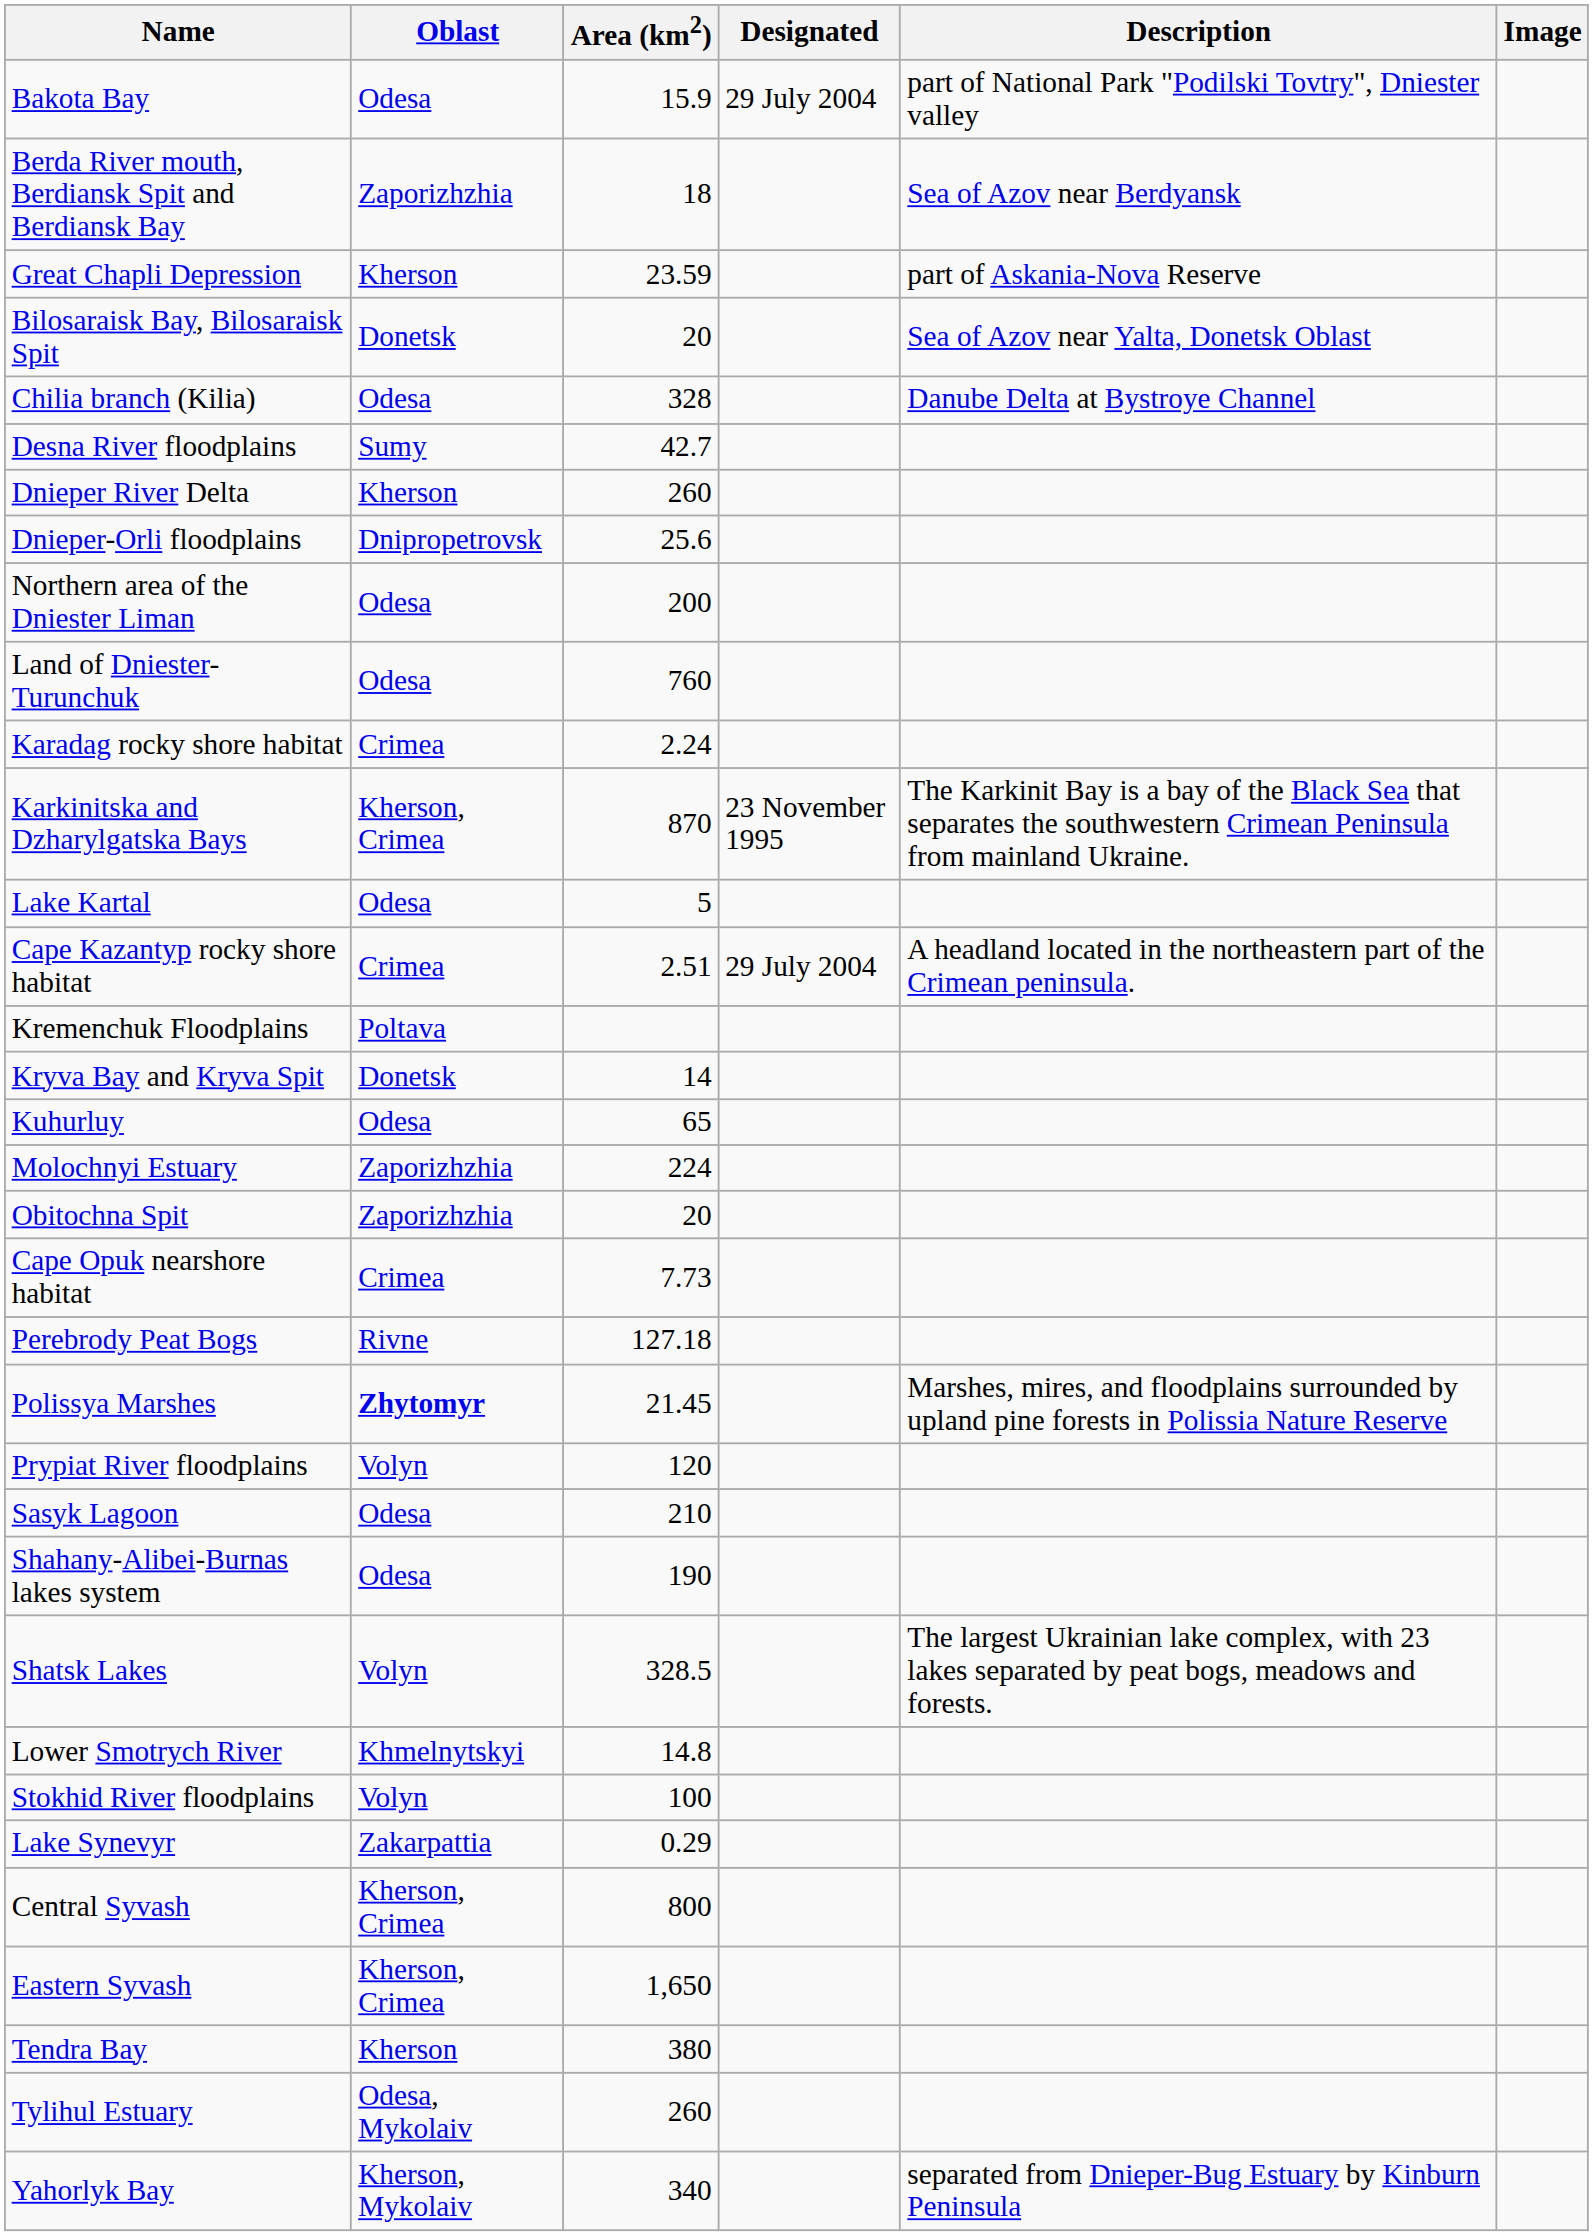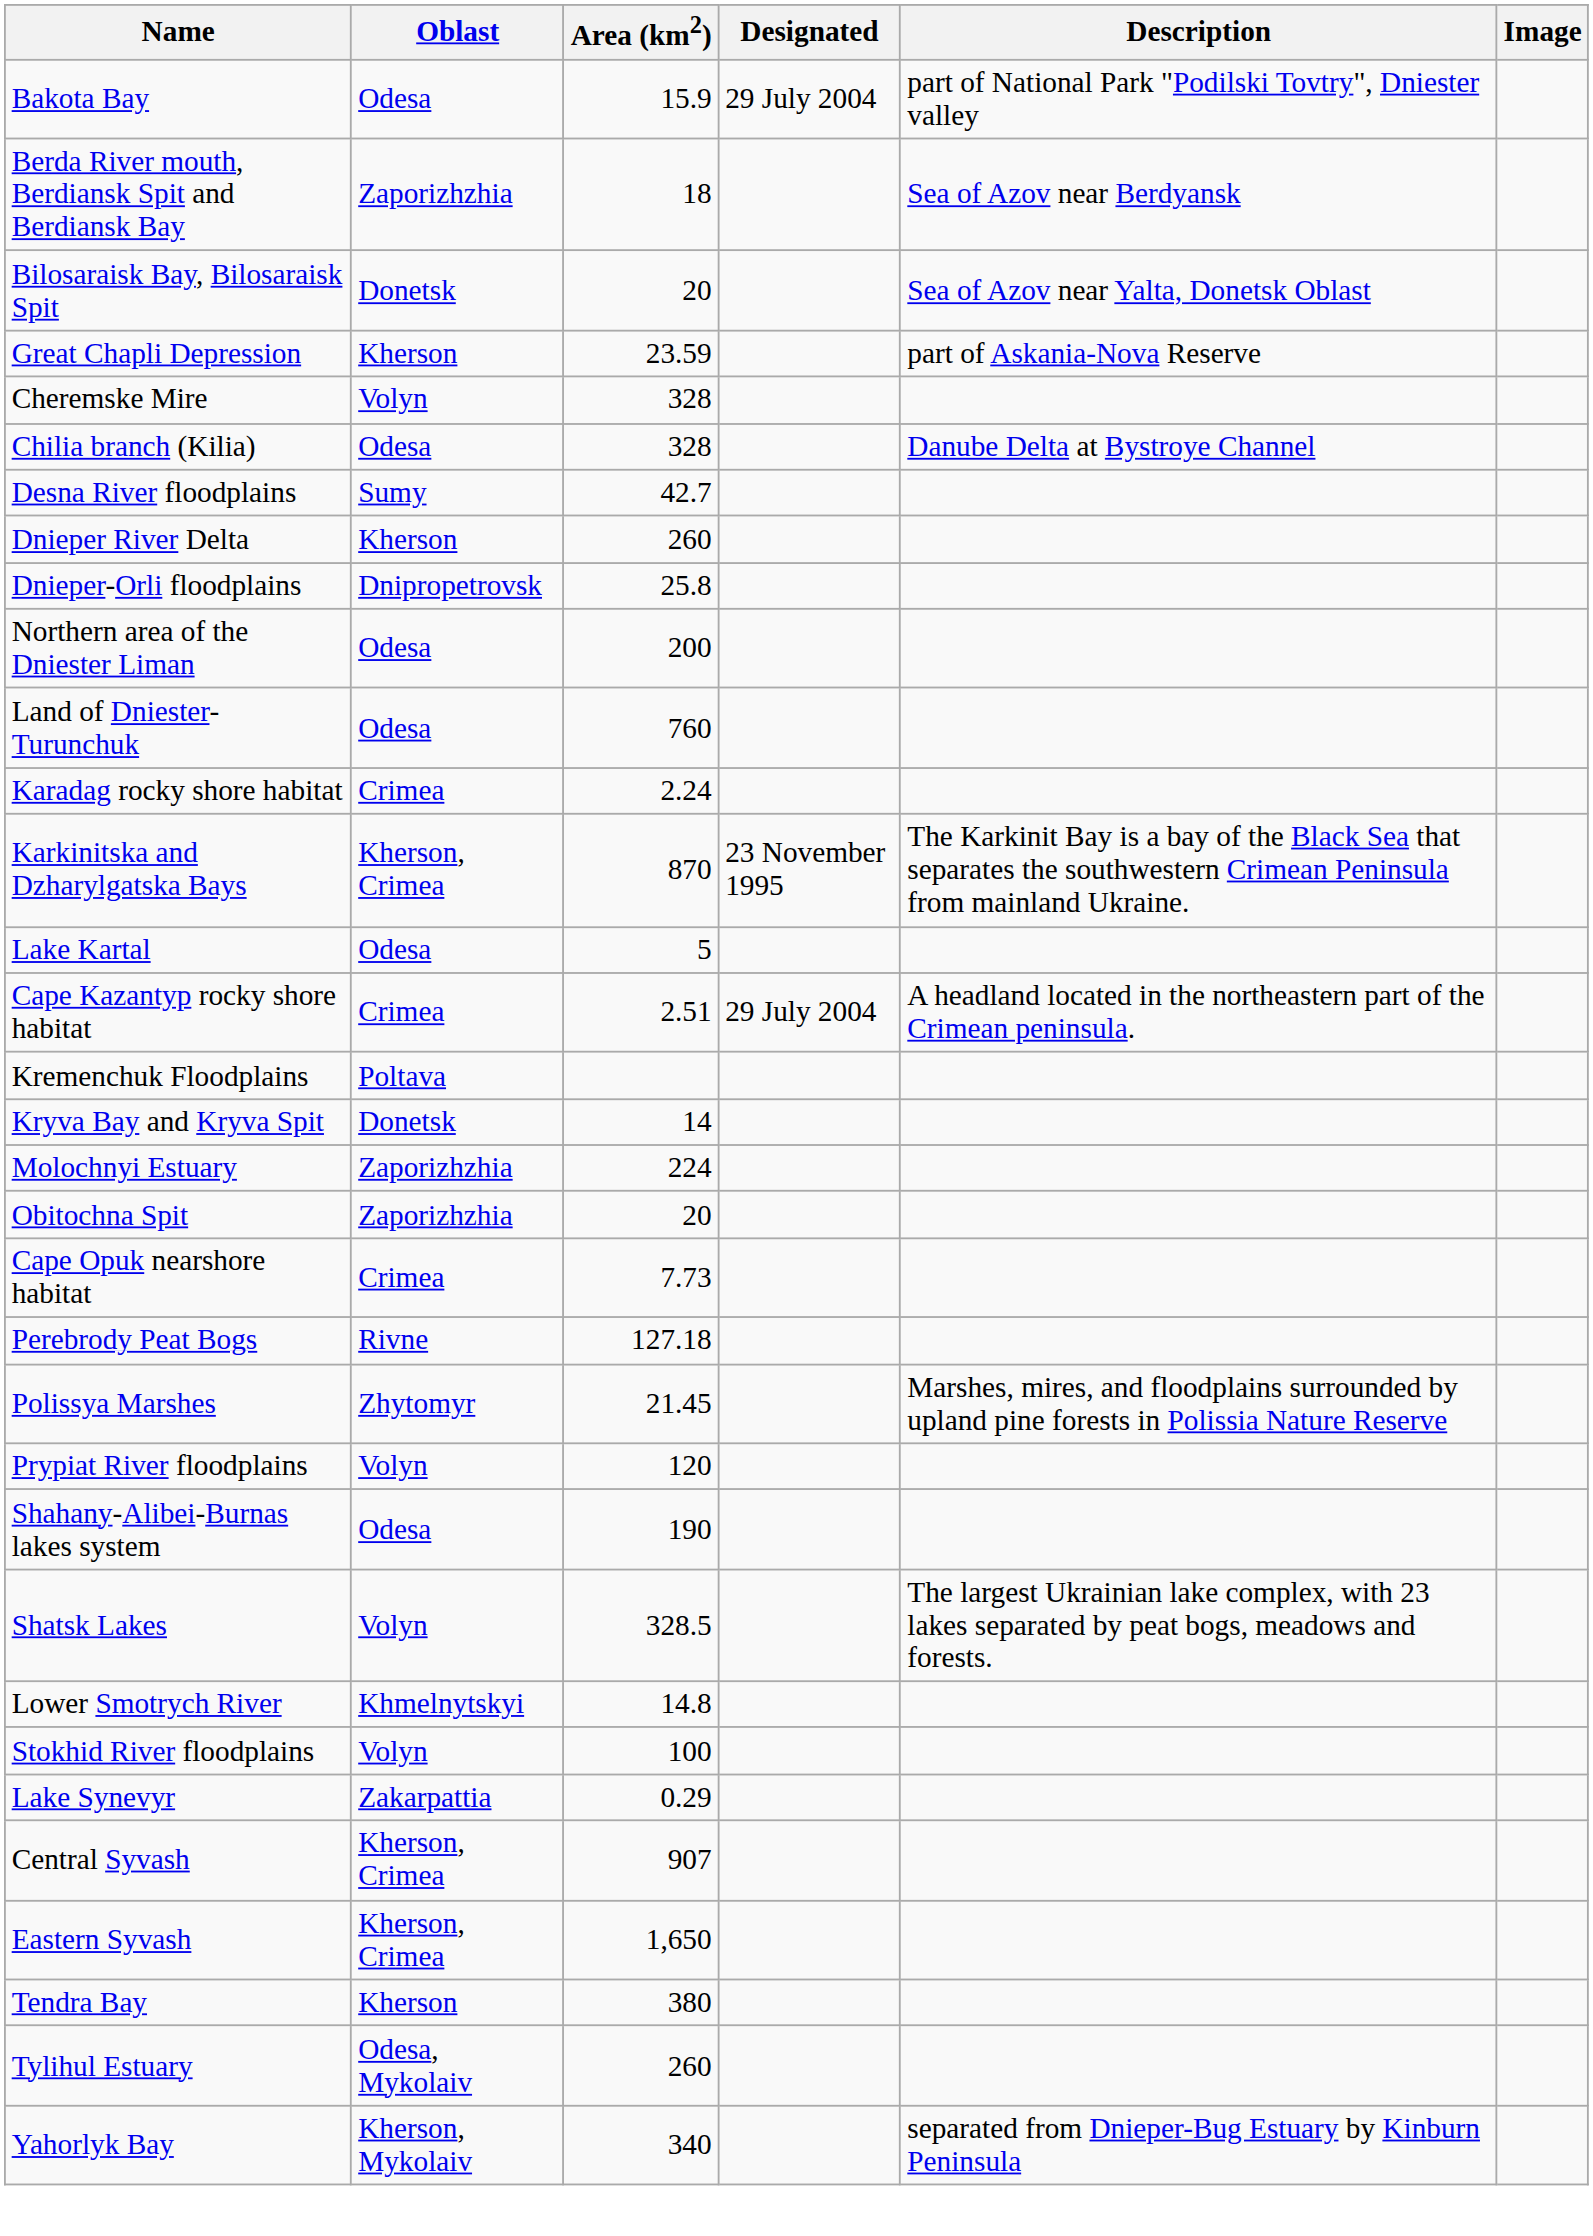 <table class="wikitable sortable" width="98%">
 <tr>
 <th style="background-color:">Name</th>
 <th style="background-color:"><a href='#'>Oblast</a></th>
 <th style="background-color:">Area (km<sup>2</sup>)</th>
 <th style="background-color:">Designated</th>
 <th style="background-color:">Description</th>
 <th style="background-color:">Image</th>
 </tr>
 <tr ---->
 <td><a href='#'>Bakota Bay</a></td>
 <td><a href='#'>Odesa</a></td>
 <td align=right>15.9</td>
 <td>29 July 2004</td>
 <td>part of National Park "<a href='#'>Podilski Tovtry</a>", <a href='#'>Dniester</a> valley</td>
 <td></td>
 </tr>
 <tr ---->
 <td><a href='#'>Berda River mouth</a>, <a href='#'>Berdiansk Spit</a> and <a href='#'>Berdiansk Bay</a></td>
 <td><a href='#'>Zaporizhzhia</a><br><small></small></td>
 <td align=right>18</td>
 <td></td>
 <td><a href='#'>Sea of Azov</a> near <a href='#'>Berdyansk</a></td>
 <td></td>
 </tr>
 <tr ---->
+<td><a href='#'>Bilosaraisk Bay</a>, <a href='#'>Bilosaraisk Spit</a></td>
+<td><a href='#'>Donetsk</a><br><small></small></td>
+<td align=right>20</td>
+<td></td>
+<td><a href='#'>Sea of Azov</a> near <a href='#'>Yalta, Donetsk Oblast</a></td>
+<td></td>
+</tr>
+<tr ---->
 <td><a href='#'>Great Chapli Depression</a></td>
 <td><a href='#'>Kherson</a><br><small></small></td>
 <td align=right>23.59</td>
 <td></td>
 <td>part of <a href='#'>Askania-Nova</a> Reserve</td>
 <td></td>
 </tr>
 <tr ---->
-<td><a href='#'>Bilosaraisk Bay</a>, <a href='#'>Bilosaraisk Spit</a></td>
-<td><a href='#'>Donetsk</a><br><small></small></td>
-<td align=right>20</td>
+<td>Cheremske Mire</td>
+<td><a href='#'>Volyn</a></td>
+<td align=right>328</td>
 <td></td>
-<td><a href='#'>Sea of Azov</a> near <a href='#'>Yalta, Donetsk Oblast</a></td>
+<td></td>
 <td></td>
 </tr>
 <tr ---->
 <td><a href='#'>Chilia branch</a> (Kilia)</td>
 <td><a href='#'>Odesa</a></td>
 <td align=right>328</td>
 <td></td>
 <td><a href='#'>Danube Delta</a> at <a href='#'>Bystroye Channel</a></td>
 <td></td>
 </tr>
 <tr ---->
 <td><a href='#'>Desna River</a> floodplains</td>
 <td><a href='#'>Sumy</a><br><small></small></td>
 <td align=right>42.7</td>
 <td></td>
 <td></td>
 <td></td>
 </tr>
 <tr ---->
 <td><a href='#'>Dnieper River</a> Delta</td>
 <td><a href='#'>Kherson</a></td>
 <td align=right>260</td>
 <td></td>
 <td></td>
 <td></td>
 </tr>
 <tr ---->
 <td><a href='#'>Dnieper</a>-<a href='#'>Orli</a> floodplains</td>
 <td><a href='#'>Dnipropetrovsk</a></td>
-<td align=right>25.6</td>
+<td align=right>25.8</td>
 <td></td>
 <td></td>
 <td></td>
 </tr>
 <tr ---->
 <td>Northern area of the <a href='#'>Dniester Liman</a></td>
 <td><a href='#'>Odesa</a></td>
 <td align=right>200</td>
 <td></td>
 <td></td>
 <td></td>
 </tr>
 <tr ---->
 <td>Land of <a href='#'>Dniester</a>-<a href='#'>Turunchuk</a></td>
 <td><a href='#'>Odesa</a></td>
 <td align=right>760</td>
 <td></td>
 <td></td>
 <td></td>
 </tr>
 <tr ---->
 <td><a href='#'>Karadag</a> rocky shore habitat</td>
 <td><a href='#'>Crimea</a></td>
 <td align=right>2.24</td>
 <td></td>
 <td></td>
 <td></td>
 </tr>
 <tr ---->
 <td><a href='#'>Karkinitska and Dzharylgatska Bays</a></td>
 <td><a href='#'>Kherson</a>, <a href='#'>Crimea</a><br><small></small></td>
 <td align=right>870</td>
 <td>23 November 1995</td>
 <td>The Karkinit Bay is a bay of the <a href='#'>Black Sea</a> that separates the southwestern <a href='#'>Crimean Peninsula</a> from mainland Ukraine.</td>
 <td></td>
 </tr>
 <tr ---->
 <td><a href='#'>Lake Kartal</a></td>
 <td><a href='#'>Odesa</a></td>
 <td align=right>5</td>
 <td></td>
 <td></td>
 <td></td>
 </tr>
 <tr ---->
 <td><a href='#'>Cape Kazantyp</a> rocky shore habitat</td>
 <td><a href='#'>Crimea</a><br><small></small></td>
 <td align=right>2.51</td>
 <td>29 July 2004</td>
 <td>A headland located in the northeastern part of the <a href='#'>Crimean peninsula</a>.</td>
 <td></td>
 </tr>
 <tr ---->
 <td>Kremenchuk Floodplains</td>
 <td><a href='#'>Poltava</a></td>
 <td align=right></td>
 <td></td>
 <td></td>
 <td></td>
 </tr>
 <tr ---->
 <td><a href='#'>Kryva Bay</a> and <a href='#'>Kryva Spit</a></td>
 <td><a href='#'>Donetsk</a></td>
 <td align=right>14</td>
 <td></td>
 <td></td>
 <td></td>
 </tr>
 <tr ---->
-<td><a href='#'>Kuhurluy</a></td>
-<td><a href='#'>Odesa</a></td>
-<td align=right>65</td>
-<td></td>
-<td></td>
-<td></td>
-</tr>
-<tr ---->
 <td><a href='#'>Molochnyi Estuary</a></td>
 <td><a href='#'>Zaporizhzhia</a></td>
 <td align=right>224</td>
 <td></td>
 <td></td>
 <td></td>
 </tr>
 <tr ---->
 <td><a href='#'>Obitochna Spit</a></td>
 <td><a href='#'>Zaporizhzhia</a></td>
 <td align=right>20</td>
 <td></td>
 <td></td>
 <td></td>
 </tr>
 <tr ---->
 <td><a href='#'>Cape Opuk</a> nearshore habitat</td>
 <td><a href='#'>Crimea</a><br><small></small></td>
 <td align=right>7.73</td>
 <td></td>
 <td></td>
 <td></td>
 </tr>
 <tr ---->
 <td><a href='#'>Perebrody Peat Bogs</a></td>
 <td><a href='#'>Rivne</a></td>
 <td align=right>127.18</td>
 <td></td>
 <td></td>
 <td></td>
 </tr>
 <tr ---->
 <td><a href='#'>Polissya Marshes</a></td>
-<td><strong><a href='#'>Zhytomyr</a></strong></td>
+<td><a href='#'>Zhytomyr</a></td>
 <td align=right>21.45</td>
 <td></td>
 <td>Marshes, mires, and floodplains surrounded by upland pine forests in <a href='#'>Polissia Nature Reserve</a></td>
 <td></td>
 </tr>
 <tr ---->
 <td><a href='#'>Prypiat River</a> floodplains</td>
 <td><a href='#'>Volyn</a></td>
 <td align=right>120</td>
-<td></td>
-<td></td>
-<td></td>
-</tr>
-<tr ---->
-<td><a href='#'>Sasyk Lagoon</a></td>
-<td><a href='#'>Odesa</a></td>
-<td align=right>210</td>
 <td></td>
 <td></td>
 <td></td>
 </tr>
 <tr ---->
 <td><a href='#'>Shahany</a>-<a href='#'>Alibei</a>-<a href='#'>Burnas</a> lakes system</td>
 <td><a href='#'>Odesa</a></td>
 <td align=right>190</td>
 <td></td>
 <td></td>
 <td></td>
 </tr>
 <tr ---->
 <td><a href='#'>Shatsk Lakes</a></td>
 <td><a href='#'>Volyn</a></td>
 <td align=right>328.5</td>
 <td></td>
 <td>The largest Ukrainian lake complex, with 23 lakes separated by peat bogs, meadows and forests.</td>
 <td></td>
 </tr>
 <tr ---->
 <td>Lower <a href='#'>Smotrych River</a></td>
 <td><a href='#'>Khmelnytskyi</a></td>
 <td align=right>14.8</td>
 <td></td>
 <td></td>
 <td></td>
 </tr>
 <tr ---->
 <td><a href='#'>Stokhid River</a> floodplains</td>
 <td><a href='#'>Volyn</a></td>
 <td align=right>100</td>
 <td></td>
 <td></td>
 <td></td>
 </tr>
 <tr ---->
 <td><a href='#'>Lake Synevyr</a></td>
 <td><a href='#'>Zakarpattia</a></td>
 <td align=right>0.29</td>
 <td></td>
 <td></td>
 <td></td>
 </tr>
 <tr ---->
 <td>Central <a href='#'>Syvash</a></td>
 <td><a href='#'>Kherson</a>, <a href='#'>Crimea</a><br><small></small></td>
-<td align=right>800</td>
+<td align=right>907</td>
 <td></td>
 <td></td>
 <td></td>
 </tr>
 <tr ---->
 <td><a href='#'>Eastern Syvash</a></td>
 <td><a href='#'>Kherson</a>, <a href='#'>Crimea</a></td>
 <td align=right>1,650</td>
 <td></td>
 <td></td>
 <td></td>
 </tr>
 <tr ---->
 <td><a href='#'>Tendra Bay</a></td>
 <td><a href='#'>Kherson</a></td>
 <td align=right>380</td>
 <td></td>
 <td></td>
 <td></td>
 </tr>
 <tr ---->
 <td><a href='#'>Tylihul Estuary</a></td>
 <td><a href='#'>Odesa</a>, <a href='#'>Mykolaiv</a></td>
 <td align=right>260</td>
 <td></td>
 <td></td>
 <td></td>
 </tr>
 <tr ---->
 <td><a href='#'>Yahorlyk Bay</a></td>
 <td><a href='#'>Kherson</a>, <a href='#'>Mykolaiv</a></td>
 <td align=right>340</td>
 <td></td>
 <td>separated from <a href='#'>Dnieper-Bug Estuary</a> by <a href='#'>Kinburn Peninsula</a></td>
 <td></td>
 </tr>
 </table>
